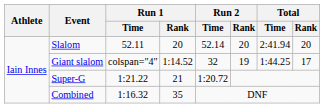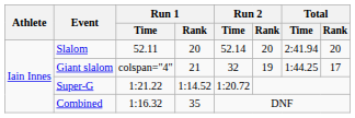 <table class="wikitable" style="font-size:90%">
 <tr>
 <th rowspan=2>Athlete</th>
 <th rowspan=2>Event</th>
 <th colspan=2>Run 1</th>
 <th colspan=2>Run 2</th>
 <th colspan=2>Total</th>
 </tr>
 <tr style="font-size:95%">
 <th>Time</th>
 <th>Rank</th>
 <th>Time</th>
 <th>Rank</th>
 <th>Time</th>
 <th>Rank</th>
 </tr>
 <tr align=center>
 <td align="left" rowspan="4"><a href='#'>Iain Innes</a></td>
 <td align="left"><a href='#'>Slalom</a></td>
 <td>52.11</td>
 <td>20</td>
 <td>52.14</td>
 <td>20</td>
 <td>2:41.94</td>
 <td>20</td>
 </tr>
 <tr align=center>
 <td align="left"><a href='#'>Giant slalom</a></td>
 <td>colspan="4" </td>
-<td>1:14.52</td>
+<td>21</td>
 <td>32</td>
 <td>19</td>
 <td>1:44.25</td>
 <td>17</td>
 </tr>
 <tr align=center>
 <td align="left"><a href='#'>Super-G</a></td>
 <td>1:21.22</td>
-<td>21</td>
+<td>1:14.52</td>
 <td>1:20.72</td>
 </tr>
 <tr align=center>
 <td align="left"><a href='#'>Combined</a></td>
 <td>1:16.32</td>
 <td>35</td>
 <td colspan=4>DNF</td>
 </tr>
 </table>
